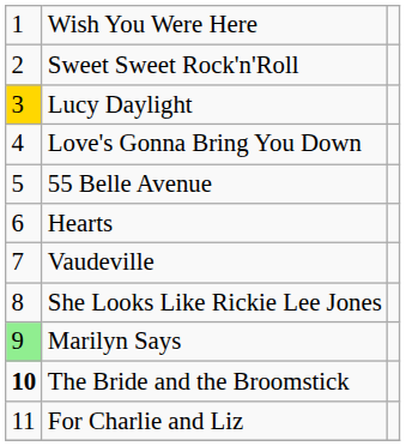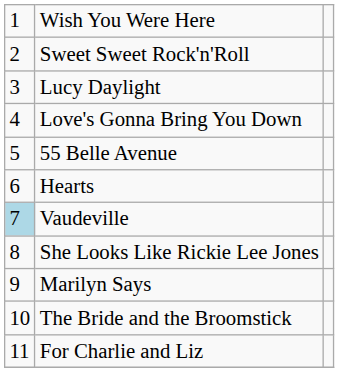 <table class="wikitable">
 <tr>
 <td>1</td>
 <td>Wish You Were Here</td>
 <td></td>
 </tr>
 <tr>
 <td>2</td>
 <td>Sweet Sweet Rock'n'Roll</td>
 <td></td>
 </tr>
 <tr>
-<td style="background: gold;">3</td>
+<td>3</td>
 <td>Lucy Daylight</td>
 <td></td>
 </tr>
 <tr>
 <td>4</td>
 <td>Love's Gonna Bring You Down</td>
 <td></td>
 </tr>
 <tr>
 <td>5</td>
 <td>55 Belle Avenue</td>
 <td></td>
 </tr>
 <tr>
 <td>6</td>
 <td>Hearts</td>
 <td></td>
 </tr>
 <tr>
-<td>7</td>
+<td style="background: lightblue;">7</td>
 <td>Vaudeville</td>
 <td></td>
 </tr>
 <tr>
 <td>8</td>
 <td>She Looks Like Rickie Lee Jones</td>
 <td></td>
 </tr>
 <tr>
-<td style="background: lightgreen;">9</td>
+<td>9</td>
 <td>Marilyn Says</td>
 <td></td>
 </tr>
 <tr>
-<td><strong>10</strong></td>
+<td>10</td>
 <td>The Bride and the Broomstick</td>
 <td></td>
 </tr>
 <tr>
 <td>11</td>
 <td>For Charlie and Liz</td>
 <td></td>
 </tr>
 <tr>
 </tr>
 </table>
